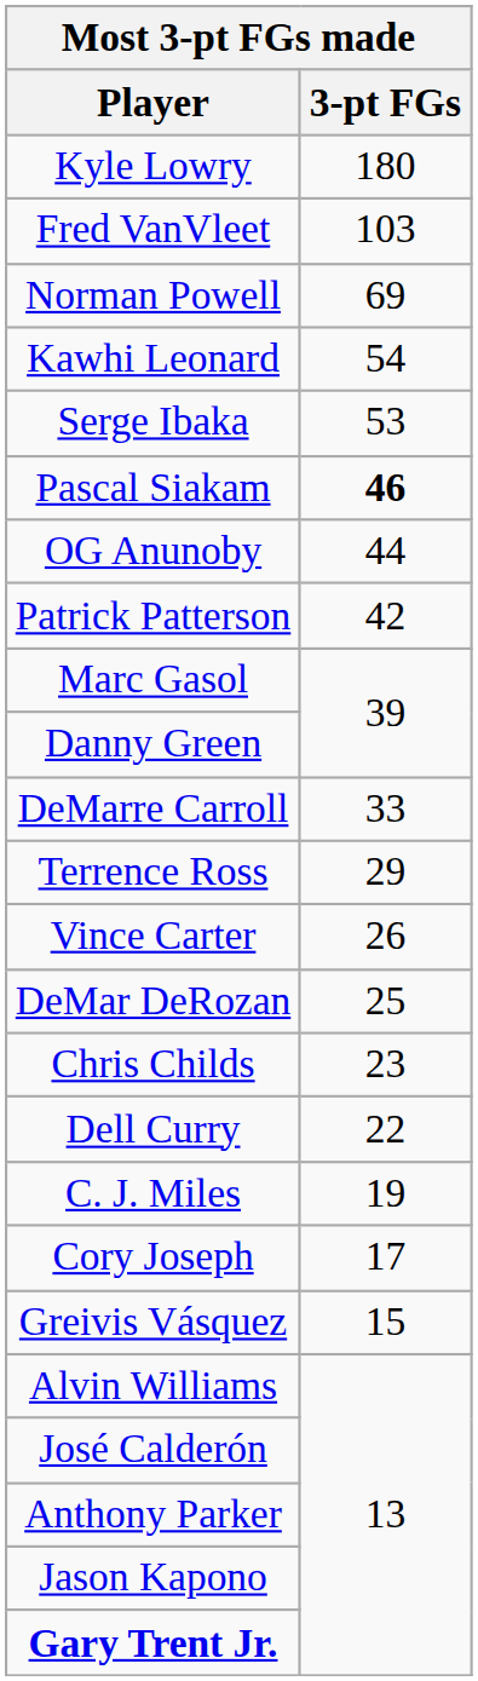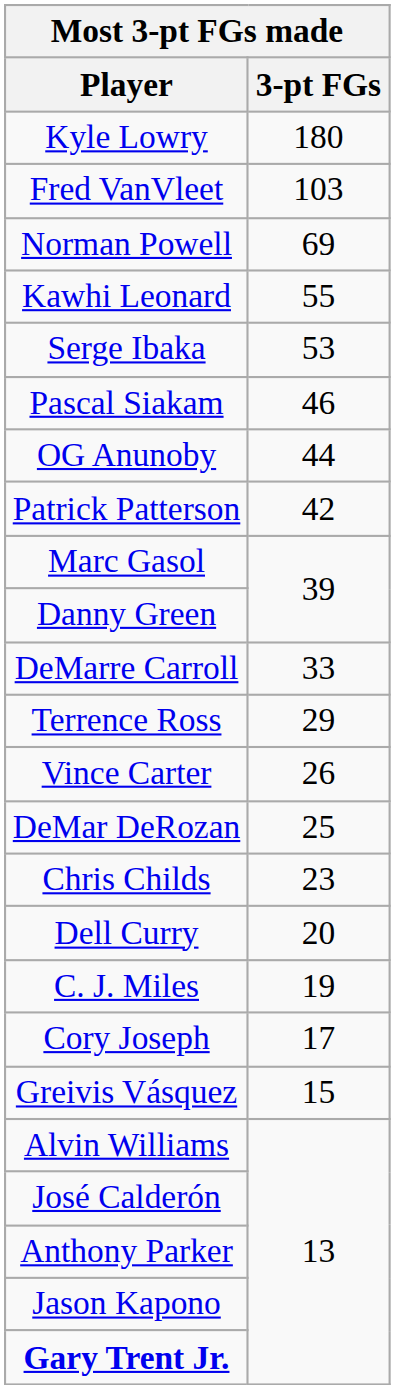 <table class="wikitable sortable" style="text-align:center">
 <tr>
 <th colspan="2">Most 3-pt FGs made</th>
 </tr>
 <tr>
 <th>Player</th>
 <th>3-pt FGs</th>
 </tr>
 <tr>
 <td><a href='#'>Kyle Lowry</a></td>
 <td>180</td>
 </tr>
 <tr>
 <td><a href='#'>Fred VanVleet</a></td>
 <td>103</td>
 </tr>
 <tr>
 <td><a href='#'>Norman Powell</a></td>
 <td>69</td>
 </tr>
 <tr>
 <td><a href='#'>Kawhi Leonard</a></td>
-<td>54</td>
+<td>55</td>
 </tr>
 <tr>
 <td><a href='#'>Serge Ibaka</a></td>
 <td>53</td>
 </tr>
 <tr>
 <td><a href='#'>Pascal Siakam</a></td>
-<td><strong>46</strong></td>
+<td>46</td>
 </tr>
 <tr>
 <td><a href='#'>OG Anunoby</a></td>
 <td>44</td>
 </tr>
 <tr>
 <td><a href='#'>Patrick Patterson</a></td>
 <td>42</td>
 </tr>
 <tr>
 <td><a href='#'>Marc Gasol</a></td>
 <td rowspan=2>39</td>
 </tr>
 <tr>
 <td><a href='#'>Danny Green</a></td>
 </tr>
 <tr>
 <td><a href='#'>DeMarre Carroll</a></td>
 <td>33</td>
 </tr>
 <tr>
 <td><a href='#'>Terrence Ross</a></td>
 <td>29</td>
 </tr>
 <tr>
 <td><a href='#'>Vince Carter</a></td>
 <td>26</td>
 </tr>
 <tr>
 <td><a href='#'>DeMar DeRozan</a></td>
 <td>25</td>
 </tr>
 <tr>
 <td><a href='#'>Chris Childs</a></td>
 <td>23</td>
 </tr>
 <tr>
 <td><a href='#'>Dell Curry</a></td>
-<td>22</td>
+<td>20</td>
 </tr>
 <tr>
 <td><a href='#'>C. J. Miles</a></td>
 <td>19</td>
 </tr>
 <tr>
 <td><a href='#'>Cory Joseph</a></td>
 <td>17</td>
 </tr>
 <tr>
 <td><a href='#'>Greivis Vásquez</a></td>
 <td>15</td>
 </tr>
 <tr>
 <td><a href='#'>Alvin Williams</a></td>
 <td rowspan=5>13</td>
 </tr>
 <tr>
 <td><a href='#'>José Calderón</a></td>
 </tr>
 <tr>
 <td><a href='#'>Anthony Parker</a></td>
 </tr>
 <tr>
 <td><a href='#'>Jason Kapono</a></td>
 </tr>
 <tr>
 <td><strong><a href='#'>Gary Trent Jr.</a></strong></td>
 </tr>
 </table>
